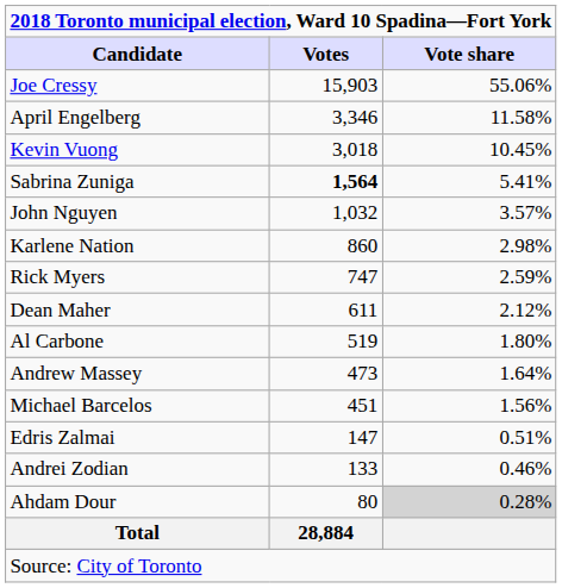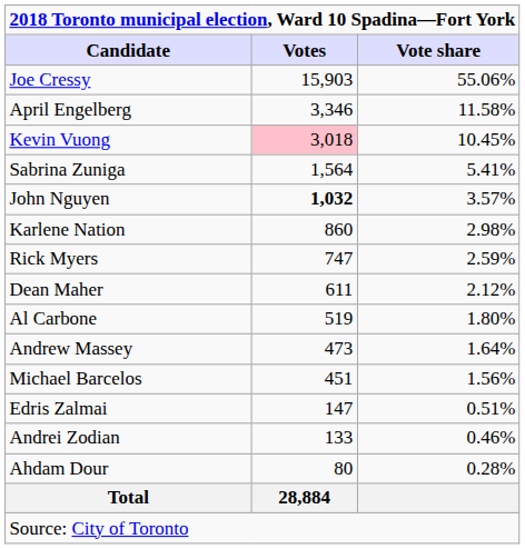 <table class="wikitable plainrowheaders">
 <tr>
 <td colspan="3"><strong><a href='#'>2018 Toronto municipal election</a>, Ward 10 Spadina—Fort York</strong></td>
 </tr>
 <tr>
 <th scope="col" style="background:#ddf;">Candidate</th>
 <th scope="col" style="background:#ddf;">Votes</th>
 <th scope="col" style="background:#ddf;">Vote share</th>
 </tr>
 <tr>
 <td scope="row"><a href='#'>Joe Cressy</a></td>
 <td align="right">15,903</td>
 <td align="right">55.06%</td>
 </tr>
 <tr>
 <td scope="row">April Engelberg</td>
 <td align="right">3,346</td>
 <td align="right">11.58%</td>
 </tr>
 <tr>
 <td scope="row"><a href='#'>Kevin Vuong</a></td>
-<td align="right">3,018</td>
+<td align="right" style="background: pink;">3,018</td>
 <td align="right">10.45%</td>
 </tr>
 <tr>
 <td scope="row">Sabrina Zuniga</td>
-<td align="right"><strong>1,564</strong></td>
+<td align="right">1,564</td>
 <td align="right">5.41%</td>
 </tr>
 <tr>
 <td scope="row">John Nguyen</td>
-<td align="right">1,032</td>
+<td align="right"><strong>1,032</strong></td>
 <td align="right">3.57%</td>
 </tr>
 <tr>
 <td scope="row">Karlene Nation</td>
 <td align="right">860</td>
 <td align="right">2.98%</td>
 </tr>
 <tr>
 <td scope="row">Rick Myers</td>
 <td align="right">747</td>
 <td align="right">2.59%</td>
 </tr>
 <tr>
 <td scope="row">Dean Maher</td>
 <td align="right">611</td>
 <td align="right">2.12%</td>
 </tr>
 <tr>
 <td>Al Carbone</td>
 <td align="right">519</td>
 <td align="right">1.80%</td>
 </tr>
 <tr>
 <td>Andrew Massey</td>
 <td align="right">473</td>
 <td align="right">1.64%</td>
 </tr>
 <tr>
 <td>Michael Barcelos</td>
 <td align="right">451</td>
 <td align="right">1.56%</td>
 </tr>
 <tr>
 <td>Edris Zalmai</td>
 <td align="right">147</td>
 <td align="right">0.51%</td>
 </tr>
 <tr>
 <td>Andrei Zodian</td>
 <td align="right">133</td>
 <td align="right">0.46%</td>
 </tr>
 <tr>
 <td>Ahdam Dour</td>
 <td align="right">80</td>
-<td align="right" style="background: lightgrey;">0.28%</td>
+<td align="right">0.28%</td>
 </tr>
 <tr>
 <th scope="row"><strong>Total</strong></th>
 <th align="right">28,884</th>
 <th align="right"></th>
 </tr>
 <tr>
 <td colspan="3">Source: <a href='#'>City of Toronto</a></td>
 </tr>
 </table>
